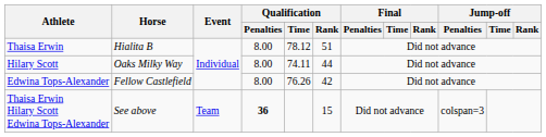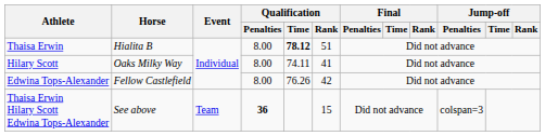 <table class=wikitable style=font-size:90%;text-align:center>
 <tr>
 <th rowspan=2>Athlete</th>
 <th rowspan=2>Horse</th>
 <th rowspan=2>Event</th>
 <th colspan=3>Qualification</th>
 <th colspan=3>Final</th>
 <th colspan=3>Jump-off</th>
 </tr>
 <tr style=font-size:95%>
 <th>Penalties</th>
 <th>Time</th>
 <th>Rank</th>
 <th>Penalties</th>
 <th>Time</th>
 <th>Rank</th>
 <th>Penalties</th>
 <th>Time</th>
 <th>Rank</th>
 </tr>
 <tr>
 <td align=left><a href='#'>Thaisa Erwin</a></td>
 <td align=left><em>Hialita B</em></td>
 <td align=left rowspan=3><a href='#'>Individual</a></td>
 <td>8.00</td>
-<td>78.12</td>
+<td><strong>78.12</strong></td>
 <td>51</td>
 <td colspan=6>Did not advance</td>
 </tr>
 <tr>
 <td align=left><a href='#'>Hilary Scott</a></td>
 <td align=left><em>Oaks Milky Way</em></td>
 <td>8.00</td>
 <td>74.11</td>
-<td>44</td>
+<td>41</td>
 <td colspan=6>Did not advance</td>
 </tr>
 <tr>
 <td align=left><a href='#'>Edwina Tops-Alexander</a></td>
 <td align=left><em>Fellow Castlefield</em></td>
 <td>8.00</td>
 <td>76.26</td>
 <td>42</td>
 <td colspan=6>Did not advance</td>
 </tr>
 <tr>
 <td align=left><a href='#'>Thaisa Erwin</a><br><a href='#'>Hilary Scott</a><br><a href='#'>Edwina Tops-Alexander</a></td>
 <td align=left><em>See above</em></td>
 <td align=left><a href='#'>Team</a></td>
 <td><strong>36</strong></td>
 <td></td>
 <td>15</td>
 <td colspan=3>Did not advance</td>
 <td>colspan=3 </td>
 </tr>
 </table>
